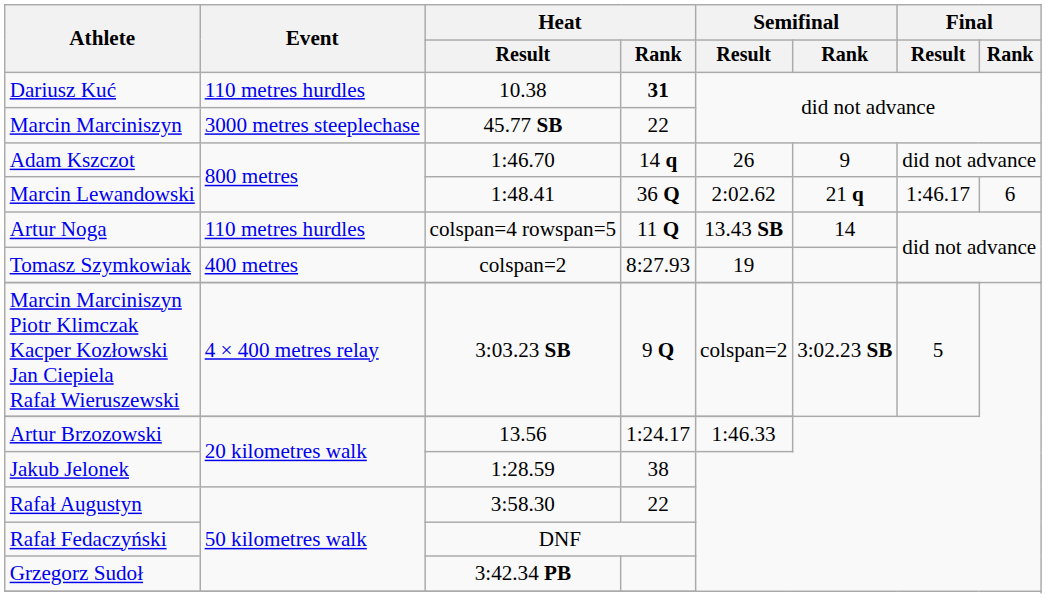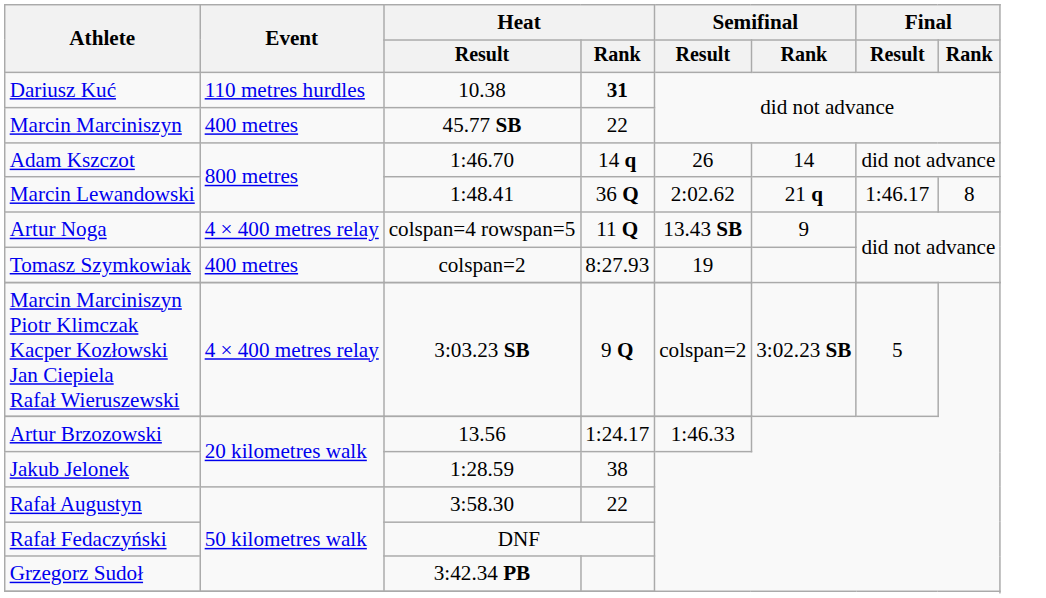 <table class="wikitable" style="font-size:90%">
 <tr>
 <th rowspan="2">Athlete</th>
 <th rowspan="2">Event</th>
 <th colspan="2">Heat</th>
 <th colspan="2">Semifinal</th>
 <th colspan="2">Final</th>
 </tr>
 <tr style="font-size:95%">
 <th>Result</th>
 <th>Rank</th>
 <th>Result</th>
 <th>Rank</th>
 <th>Result</th>
 <th>Rank</th>
 </tr>
 <tr style=text-align:center>
 <td style=text-align:left><a href='#'>Dariusz Kuć</a></td>
 <td style=text-align:left><a href='#'>110 metres hurdles</a></td>
 <td>10.38</td>
 <td><strong>31</strong></td>
 <td colspan=4 rowspan=2>did not advance</td>
 </tr>
 <tr style=text-align:center>
 <td style=text-align:left><a href='#'>Marcin Marciniszyn</a></td>
-<td style=text-align:left><a href='#'>3000 metres steeplechase</a></td>
+<td style=text-align:left><a href='#'>400 metres</a></td>
 <td>45.77 <strong>SB</strong></td>
 <td>22</td>
 </tr>
 <tr style=text-align:center>
 <td style=text-align:left><a href='#'>Adam Kszczot</a></td>
 <td style=text-align:left rowspan=2><a href='#'>800 metres</a></td>
 <td>1:46.70</td>
 <td>14 <strong>q</strong></td>
 <td>26</td>
-<td>9</td>
+<td>14</td>
 <td colspan=2>did not advance</td>
 </tr>
 <tr style=text-align:center>
 <td style=text-align:left><a href='#'>Marcin Lewandowski</a></td>
 <td>1:48.41</td>
 <td>36 <strong>Q</strong></td>
 <td>2:02.62</td>
 <td>21 <strong>q</strong></td>
 <td>1:46.17</td>
-<td>6</td>
+<td>8</td>
 </tr>
 <tr style=text-align:center>
 <td style=text-align:left><a href='#'>Artur Noga</a></td>
-<td style=text-align:left><a href='#'>110 metres hurdles</a></td>
+<td style=text-align:left><a href='#'>4 × 400 metres relay</a></td>
 <td>colspan=4 rowspan=5 </td>
 <td>11 <strong>Q</strong></td>
 <td>13.43 <strong>SB</strong></td>
-<td>14</td>
+<td>9</td>
 <td colspan=2 rowspan=2>did not advance</td>
 </tr>
 <tr style=text-align:center>
 <td style=text-align:left><a href='#'>Tomasz Szymkowiak</a></td>
 <td style=text-align:left><a href='#'>400 metres</a></td>
 <td>colspan=2 </td>
 <td>8:27.93</td>
 <td>19</td>
 </tr>
 <tr>
 </tr>
 <tr style=text-align:center>
 <td style=text-align:left><a href='#'>Marcin Marciniszyn</a><br><a href='#'>Piotr Klimczak</a><br><a href='#'>Kacper Kozłowski</a><br><a href='#'>Jan Ciepiela</a><br><a href='#'>Rafał Wieruszewski</a></td>
 <td style=text-align:left><a href='#'>4 × 400 metres relay</a></td>
 <td>3:03.23 <strong>SB</strong></td>
 <td>9 <strong>Q</strong></td>
 <td>colspan=2 </td>
 <td>3:02.23 <strong>SB</strong></td>
 <td>5</td>
 </tr>
 <tr>
 </tr>
 <tr style=text-align:center>
 <td style=text-align:left><a href='#'>Artur Brzozowski</a></td>
 <td style=text-align:left rowspan=2><a href='#'>20 kilometres walk</a></td>
 <td>13.56</td>
 <td>1:24.17</td>
 <td>1:46.33</td>
 </tr>
 <tr style=text-align:center>
 <td style=text-align:left><a href='#'>Jakub Jelonek</a></td>
 <td>1:28.59</td>
 <td>38</td>
 </tr>
 <tr style=text-align:center>
 <td style=text-align:left><a href='#'>Rafał Augustyn</a></td>
 <td style=text-align:left rowspan=3><a href='#'>50 kilometres walk</a></td>
 <td>3:58.30</td>
 <td>22</td>
 </tr>
 <tr style=text-align:center>
 <td style=text-align:left><a href='#'>Rafał Fedaczyński</a></td>
 <td colspan=2>DNF</td>
 </tr>
 <tr style=text-align:center>
 <td style=text-align:left><a href='#'>Grzegorz Sudoł</a></td>
 <td>3:42.34 <strong>PB</strong></td>
 <td></td>
 </tr>
 <tr>
 </tr>
 </table>
